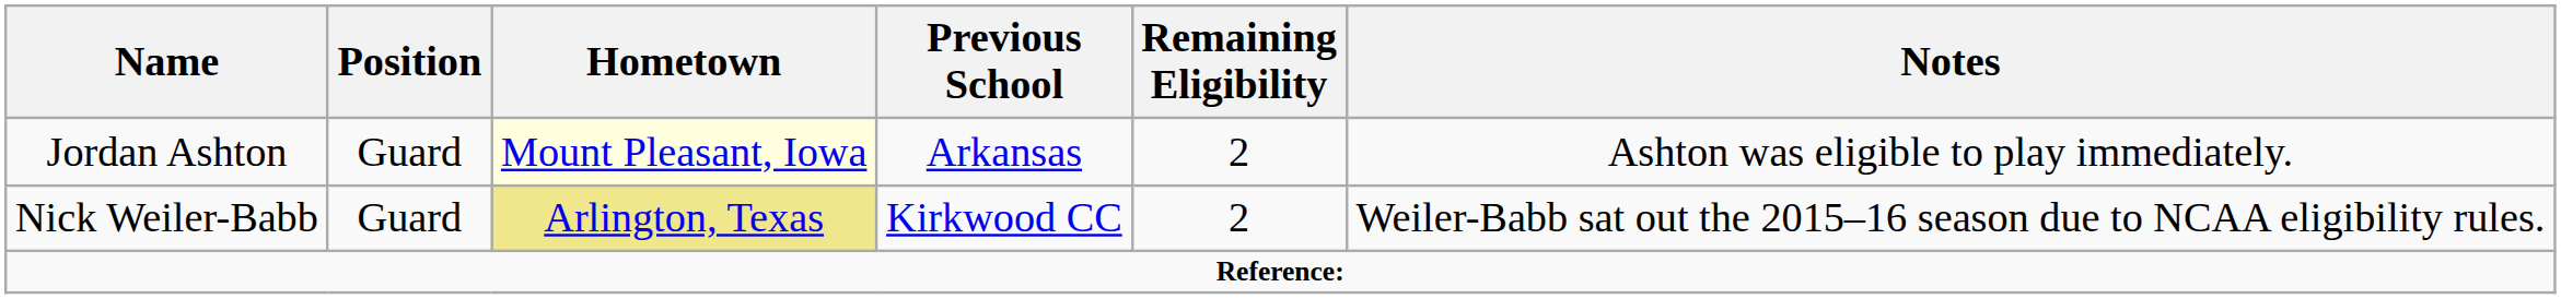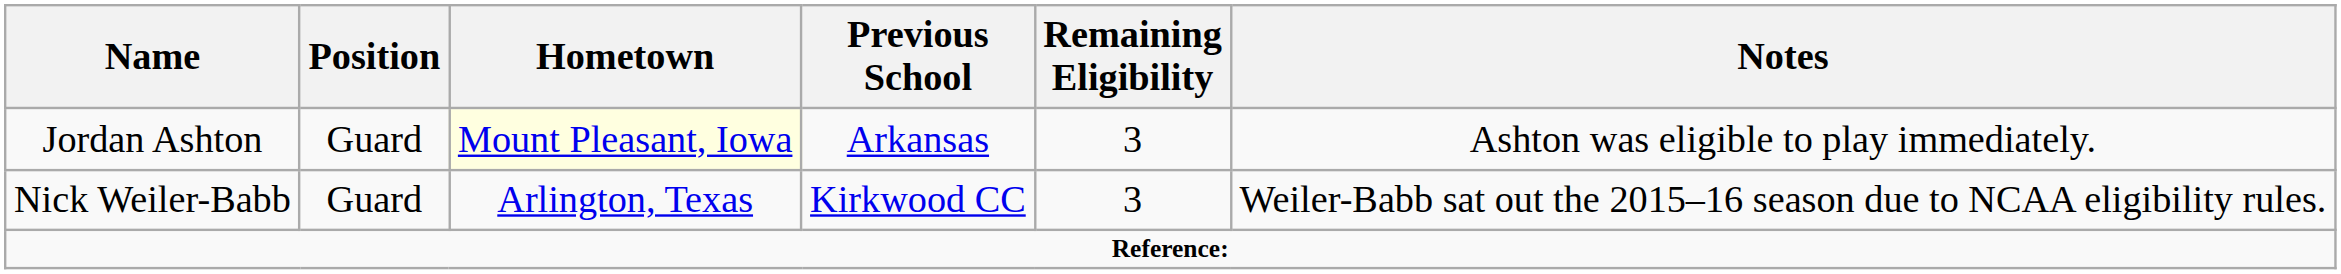 <table class="wikitable" style="text-align: center">
 <tr align=center>
 <th>Name</th>
 <th>Position</th>
 <th>Hometown</th>
 <th>Previous<br>School</th>
 <th>Remaining<br>Eligibility</th>
 <th>Notes</th>
 </tr>
 <tr>
 <td>Jordan Ashton</td>
 <td>Guard</td>
 <td style="background: lightyellow;"><a href='#'>Mount Pleasant, Iowa</a></td>
 <td><a href='#'>Arkansas</a></td>
-<td>2</td>
+<td>3</td>
 <td>Ashton was eligible to play immediately.</td>
 </tr>
 <tr>
 <td>Nick Weiler-Babb</td>
 <td>Guard</td>
-<td style="background: khaki;"><a href='#'>Arlington, Texas</a></td>
+<td><a href='#'>Arlington, Texas</a></td>
 <td><a href='#'>Kirkwood CC</a></td>
-<td>2</td>
+<td>3</td>
 <td>Weiler-Babb sat out the 2015–16 season due to NCAA eligibility rules.</td>
 </tr>
 <tr>
 <td colspan="6"  style="font-size:8pt; text-align:center;"><strong>Reference:</strong></td>
 </tr>
 </table>
